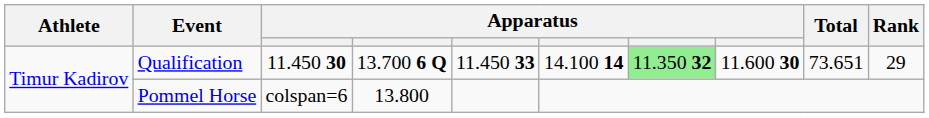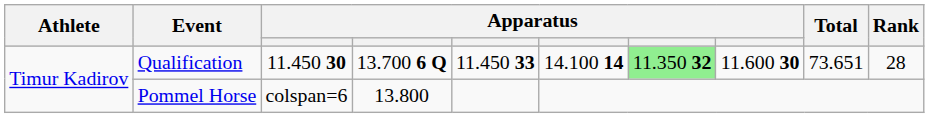 <table class="wikitable" style="font-size:90%">
 <tr>
 <th rowspan=2>Athlete</th>
 <th rowspan=2>Event</th>
 <th colspan =6>Apparatus</th>
 <th rowspan=2>Total</th>
 <th rowspan=2>Rank</th>
 </tr>
 <tr style="font-size:95%">
 <th></th>
 <th></th>
 <th></th>
 <th></th>
 <th></th>
 <th></th>
 </tr>
 <tr align=center>
 <td align=left rowspan=2><a href='#'>Timur Kadirov</a></td>
 <td align=left><a href='#'>Qualification</a></td>
 <td>11.450 <strong>30		</strong></td>
 <td>13.700 <strong>6 Q</strong></td>
 <td>11.450 <strong>33</strong></td>
 <td>14.100	<strong>14</strong></td>
 <td style="background: lightgreen;">11.350 <strong>32</strong></td>
 <td>11.600 <strong>30</strong></td>
 <td>73.651</td>
-<td>29</td>
+<td>28</td>
 </tr>
 <tr align=center>
 <td align=left><a href='#'>Pommel Horse</a></td>
 <td>colspan=6 </td>
 <td>13.800</td>
 <td></td>
 </tr>
 </table>
